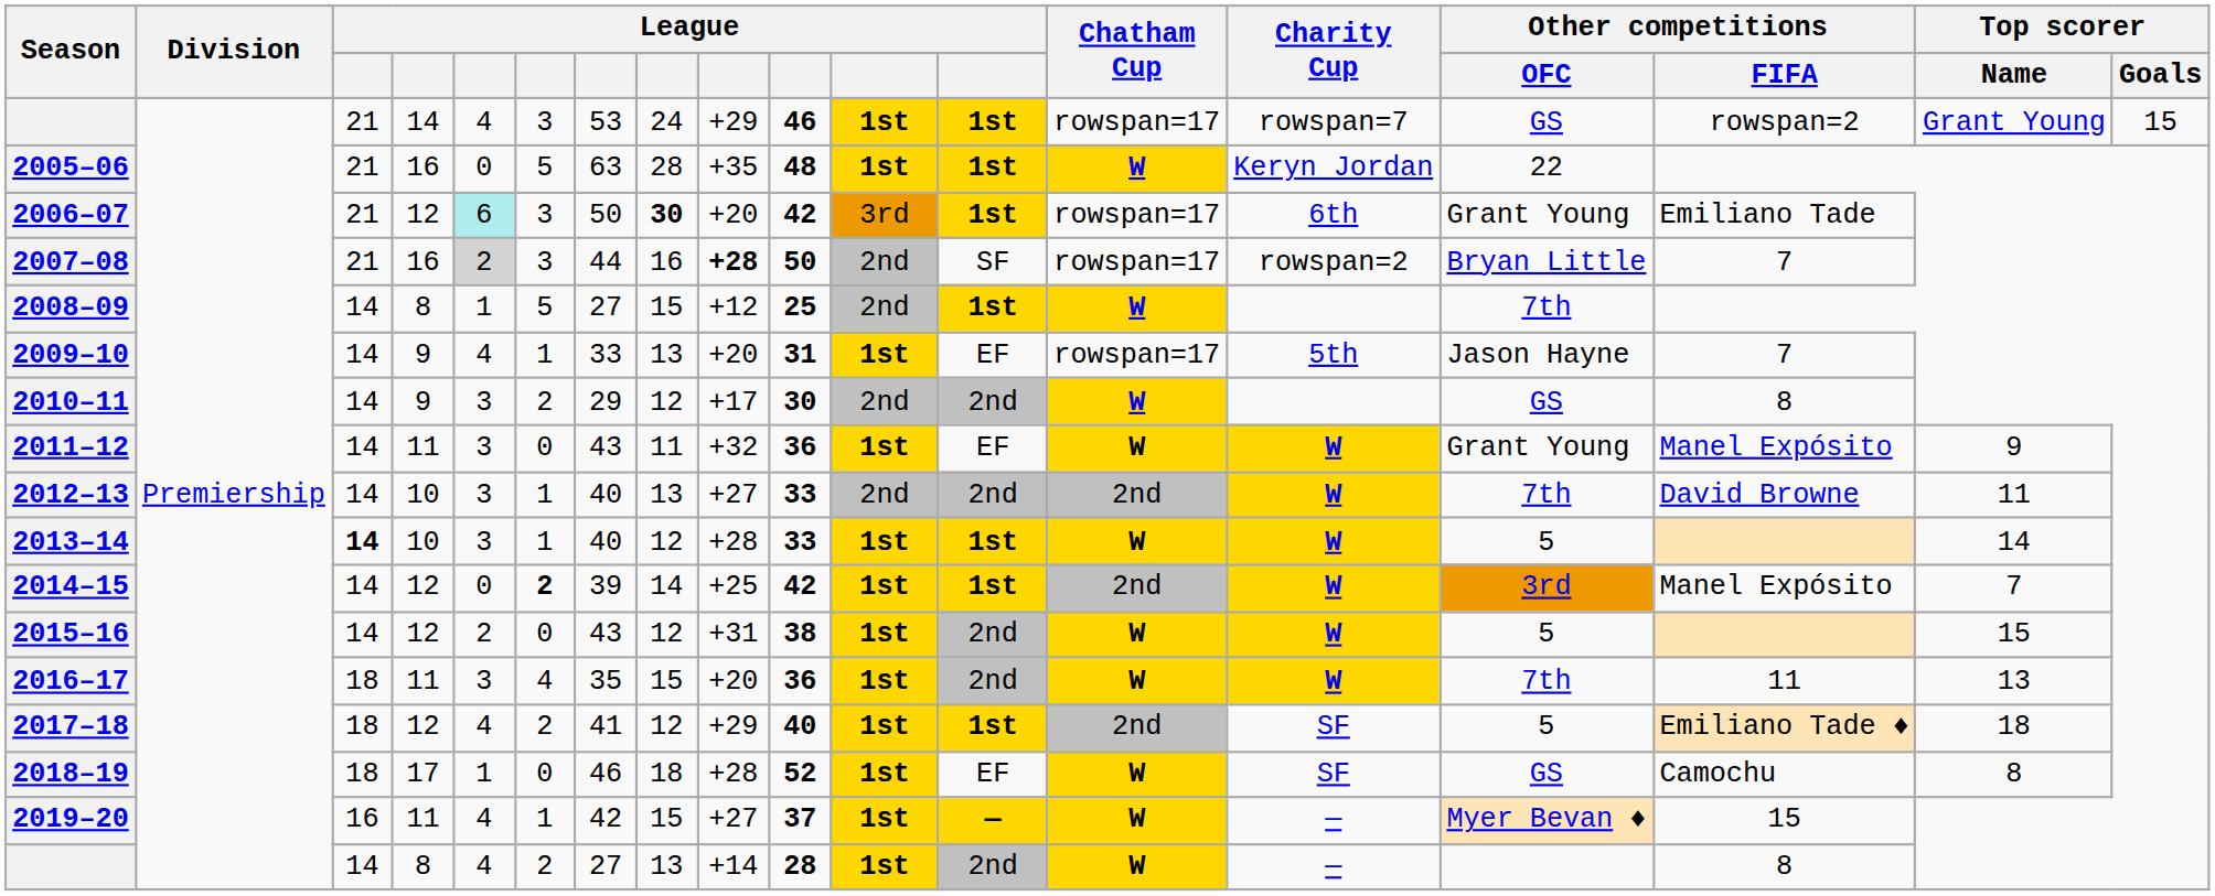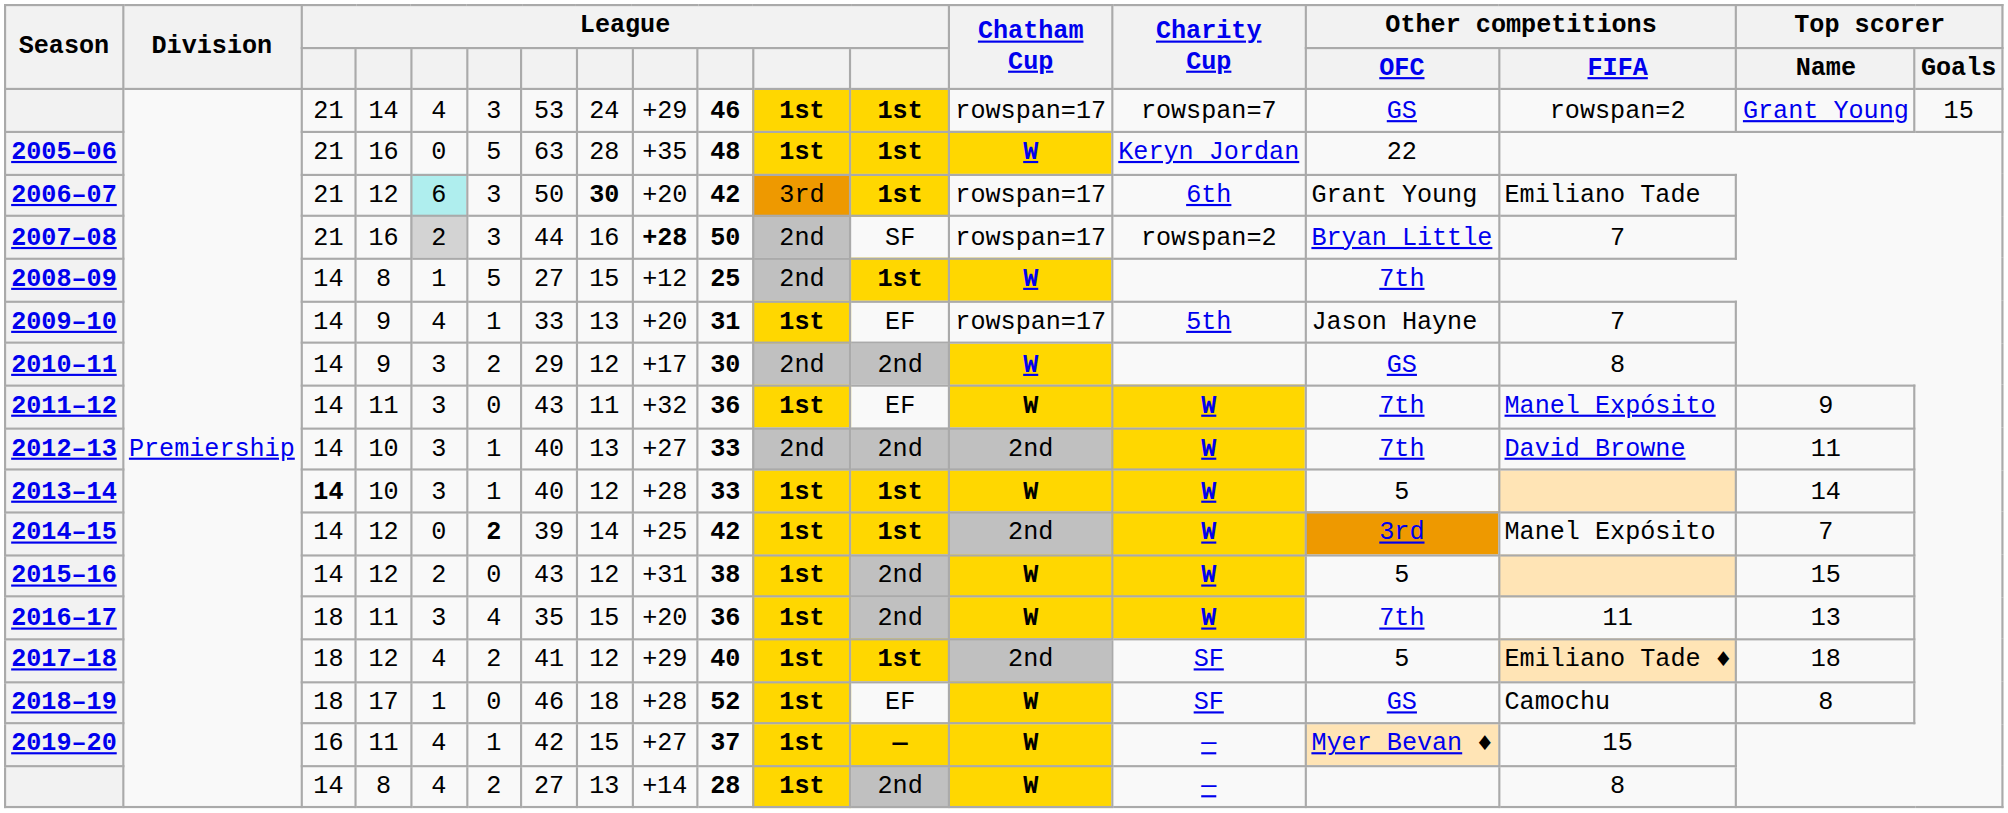 <table class="wikitable" style="font-size:90%; text-align:center;">
 <tr>
 <th rowspan=2>Season</th>
 <th rowspan=2>Division</th>
 <th colspan=10>League</th>
 <th rowspan=2><a href='#'>Chatham<br>Cup</a></th>
 <th rowspan=2><a href='#'>Charity<br>Cup</a></th>
 <th colspan=2>Other competitions</th>
 <th colspan=2>Top scorer</th>
 </tr>
 <tr>
 <th width=20px></th>
 <th width=20px></th>
 <th width=20px></th>
 <th width=20px></th>
 <th width=20px></th>
 <th width=20px></th>
 <th width=25px></th>
 <th width=20px></th>
 <th width=40px></th>
 <th width=40px></th>
 <th><a href='#'>OFC</a></th>
 <th><a href='#'>FIFA</a></th>
 <th>Name</th>
 <th>Goals</th>
 </tr>
 <tr>
 <th></th>
 <td rowspan=17><a href='#'>Premiership</a></td>
 <td>21</td>
 <td>14</td>
 <td>4</td>
 <td>3</td>
 <td>53</td>
 <td>24</td>
 <td>+29</td>
 <td><strong>46</strong></td>
 <td style="background:gold;"><strong>1st</strong></td>
 <td style="background:gold;"><strong>1st</strong></td>
 <td>rowspan=17 </td>
 <td>rowspan=7 </td>
 <td><a href='#'>GS</a></td>
 <td>rowspan=2 </td>
 <td style=text-align:left> <a href='#'>Grant Young</a></td>
 <td>15</td>
 </tr>
 <tr>
 <th><a href='#'>2005–06</a></th>
 <td>21</td>
 <td>16</td>
 <td>0</td>
 <td>5</td>
 <td>63</td>
 <td>28</td>
 <td>+35</td>
 <td><strong>48</strong></td>
 <td style="background:gold;"><strong>1st</strong></td>
 <td style="background:gold;"><strong>1st</strong></td>
 <td style="background:gold;"><strong><a href='#'>W</a></strong></td>
 <td style=text-align:left> <a href='#'>Keryn Jordan</a></td>
 <td>22</td>
 </tr>
 <tr>
 <th><a href='#'>2006–07</a></th>
 <td>21</td>
 <td>12</td>
 <td style="background: paleturquoise;">6</td>
 <td>3</td>
 <td>50</td>
 <td><strong>30</strong></td>
 <td>+20</td>
 <td><strong>42</strong></td>
 <td style="background:#e90;">3rd</td>
 <td style="background:gold;"><strong>1st</strong></td>
 <td>rowspan=17 </td>
 <td><a href='#'>6th</a></td>
 <td style=text-align:left> Grant Young</td>
 <td style=text-align:left> Emiliano Tade</td>
 </tr>
 <tr>
 <th><a href='#'>2007–08</a></th>
 <td>21</td>
 <td>16</td>
 <td style="background: lightgrey;">2</td>
 <td>3</td>
 <td>44</td>
 <td>16</td>
 <td><strong>+28</strong></td>
 <td><strong>50</strong></td>
 <td style="background:silver;">2nd</td>
 <td>SF</td>
 <td>rowspan=17 </td>
 <td>rowspan=2 </td>
 <td style=text-align:left> <a href='#'>Bryan Little</a></td>
 <td>7</td>
 </tr>
 <tr>
 <th><a href='#'>2008–09</a></th>
 <td>14</td>
 <td>8</td>
 <td>1</td>
 <td>5</td>
 <td>27</td>
 <td>15</td>
 <td>+12</td>
 <td><strong>25</strong></td>
 <td style="background:silver;">2nd</td>
 <td style="background:gold;"><strong>1st</strong></td>
 <td style="background:gold;"><strong><a href='#'>W</a></strong></td>
 <td style=text-align:left></td>
 <td><a href='#'>7th</a></td>
 </tr>
 <tr>
 <th><a href='#'>2009–10</a></th>
 <td>14</td>
 <td>9</td>
 <td>4</td>
 <td>1</td>
 <td>33</td>
 <td>13</td>
 <td>+20</td>
 <td><strong>31</strong></td>
 <td style="background:gold;"><strong>1st</strong></td>
 <td>EF</td>
 <td>rowspan=17 </td>
 <td><a href='#'>5th</a></td>
 <td style=text-align:left> Jason Hayne</td>
 <td>7</td>
 </tr>
 <tr>
 <th><a href='#'>2010–11</a></th>
 <td>14</td>
 <td>9</td>
 <td>3</td>
 <td>2</td>
 <td>29</td>
 <td>12</td>
 <td>+17</td>
 <td><strong>30</strong></td>
 <td style="background:silver;">2nd</td>
 <td style="background:silver;">2nd</td>
 <td style="background:gold;"><strong><a href='#'>W</a></strong></td>
 <td></td>
 <td><a href='#'>GS</a></td>
 <td>8</td>
 </tr>
 <tr>
 <th><a href='#'>2011–12</a></th>
 <td>14</td>
 <td>11</td>
 <td>3</td>
 <td>0</td>
 <td>43</td>
 <td>11</td>
 <td>+32</td>
 <td><strong>36</strong></td>
 <td style="background:gold;"><strong>1st</strong></td>
 <td>EF</td>
 <td style="background:gold;"><strong>W</strong></td>
 <td style="background:gold;"><strong><a href='#'>W</a></strong></td>
-<td style=text-align:left> Grant Young</td>
+<td><a href='#'>7th</a></td>
 <td style=text-align:left> <a href='#'>Manel Expósito</a></td>
 <td>9</td>
 </tr>
 <tr>
 <th><a href='#'>2012–13</a></th>
 <td>14</td>
 <td>10</td>
 <td>3</td>
 <td>1</td>
 <td>40</td>
 <td>13</td>
 <td>+27</td>
 <td><strong>33</strong></td>
 <td style="background:silver;">2nd</td>
 <td style="background:silver;">2nd</td>
 <td style="background:silver;">2nd</td>
 <td style="background:gold;"><strong><a href='#'>W</a></strong></td>
 <td><a href='#'>7th</a></td>
 <td style=text-align:left> <a href='#'>David Browne</a></td>
 <td>11</td>
 </tr>
 <tr>
 <th><a href='#'>2013–14</a></th>
 <td><strong>14</strong></td>
 <td>10</td>
 <td>3</td>
 <td>1</td>
 <td>40</td>
 <td>12</td>
 <td>+28</td>
 <td><strong>33</strong></td>
 <td style="background:gold;"><strong>1st</strong></td>
 <td style="background:gold;"><strong>1st</strong></td>
 <td style="background:gold;"><strong>W</strong></td>
 <td style="background:gold;"><strong><a href='#'>W</a></strong></td>
 <td>5</td>
 <td style="background:#FFE4B5; text-align:left"></td>
 <td>14</td>
 </tr>
 <tr>
 <th><a href='#'>2014–15</a></th>
 <td>14</td>
 <td>12</td>
 <td>0</td>
 <td><strong>2</strong></td>
 <td>39</td>
 <td>14</td>
 <td>+25</td>
 <td><strong>42</strong></td>
 <td style="background:gold;"><strong>1st</strong></td>
 <td style="background:gold;"><strong>1st</strong></td>
 <td style="background:silver;">2nd</td>
 <td style="background:gold;"><strong><a href='#'>W</a></strong></td>
 <td style="background:#e90;"><a href='#'>3rd</a></td>
 <td style=text-align:left> Manel Expósito</td>
 <td>7</td>
 </tr>
 <tr>
 <th><a href='#'>2015–16</a></th>
 <td>14</td>
 <td>12</td>
 <td>2</td>
 <td>0</td>
 <td>43</td>
 <td>12</td>
 <td>+31</td>
 <td><strong>38</strong></td>
 <td style="background:gold;"><strong>1st</strong></td>
 <td style="background:silver;">2nd</td>
 <td style="background:gold;"><strong>W</strong></td>
 <td style="background:gold;"><strong><a href='#'>W</a></strong></td>
 <td>5</td>
 <td style="background:#FFE4B5; text-align:left"></td>
 <td>15</td>
 </tr>
 <tr>
 <th><a href='#'>2016–17</a></th>
 <td>18</td>
 <td>11</td>
 <td>3</td>
 <td>4</td>
 <td>35</td>
 <td>15</td>
 <td>+20</td>
 <td><strong>36</strong></td>
 <td style="background:gold;"><strong>1st</strong></td>
 <td style="background:silver;">2nd</td>
 <td style="background:gold;"><strong>W</strong></td>
 <td style="background:gold;"><strong><a href='#'>W</a></strong></td>
 <td><a href='#'>7th</a></td>
 <td>11</td>
 <td>13</td>
 </tr>
 <tr>
 <th><a href='#'>2017–18</a></th>
 <td>18</td>
 <td>12</td>
 <td>4</td>
 <td>2</td>
 <td>41</td>
 <td>12</td>
 <td>+29</td>
 <td><strong>40</strong></td>
 <td style="background:gold;"><strong>1st</strong></td>
 <td style="background:gold;"><strong>1st</strong></td>
 <td style="background:silver;">2nd</td>
 <td><a href='#'>SF</a></td>
 <td>5</td>
 <td style="background:#FFE4B5; text-align:left"> Emiliano Tade ♦</td>
 <td>18</td>
 </tr>
 <tr>
 <th><a href='#'>2018–19</a></th>
 <td>18</td>
 <td>17</td>
 <td>1</td>
 <td>0</td>
 <td>46</td>
 <td>18</td>
 <td>+28</td>
 <td><strong>52</strong></td>
 <td style="background:gold;"><strong>1st</strong></td>
 <td>EF</td>
 <td style="background:gold;"><strong>W</strong></td>
 <td><a href='#'>SF</a></td>
 <td><a href='#'>GS</a></td>
 <td style=text-align:left> Camochu</td>
 <td>8</td>
 </tr>
 <tr>
 <th><a href='#'>2019–20</a></th>
 <td>16</td>
 <td>11</td>
 <td>4</td>
 <td>1</td>
 <td>42</td>
 <td>15</td>
 <td>+27</td>
 <td><strong>37</strong></td>
 <td style="background:gold;"><strong>1st</strong></td>
 <td style="background:gold;"><strong>—</strong></td>
 <td style="background:gold;"><strong>W</strong></td>
 <td><a href='#'>—</a></td>
 <td style="background:#FFE4B5; text-align:left"> <a href='#'>Myer Bevan</a> ♦</td>
 <td>15</td>
 </tr>
 <tr>
 <th></th>
 <td>14</td>
 <td>8</td>
 <td>4</td>
 <td>2</td>
 <td>27</td>
 <td>13</td>
 <td>+14</td>
 <td><strong>28</strong></td>
 <td style="background:gold;"><strong>1st</strong></td>
 <td style="background:silver;">2nd</td>
 <td style="background:gold;"><strong>W</strong></td>
 <td><a href='#'>—</a></td>
 <td style=text-align:left></td>
 <td>8</td>
 </tr>
 </table>
